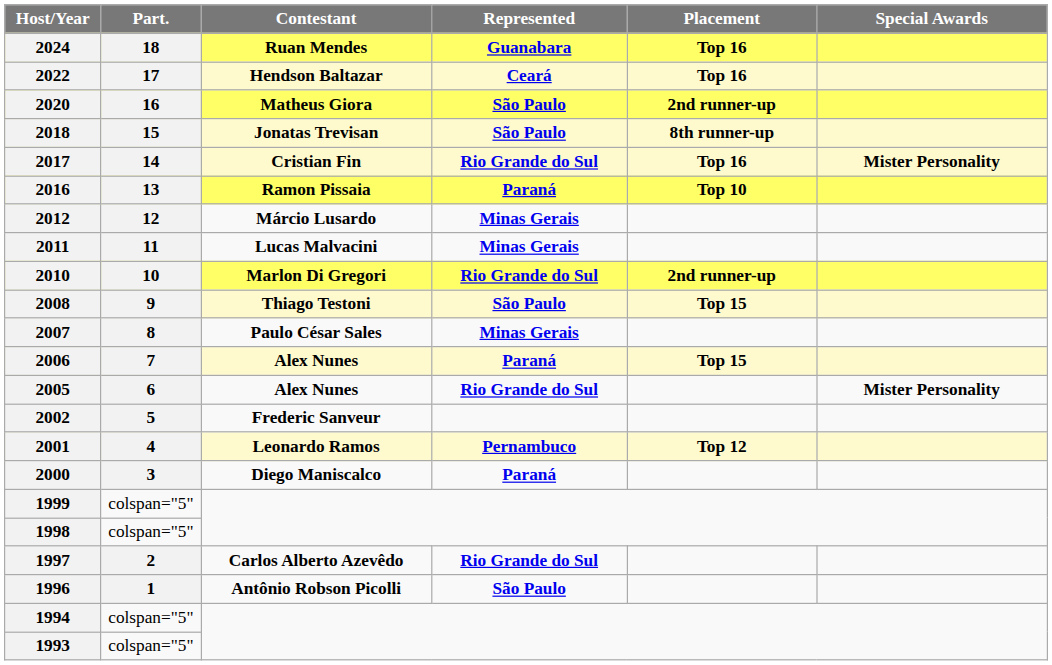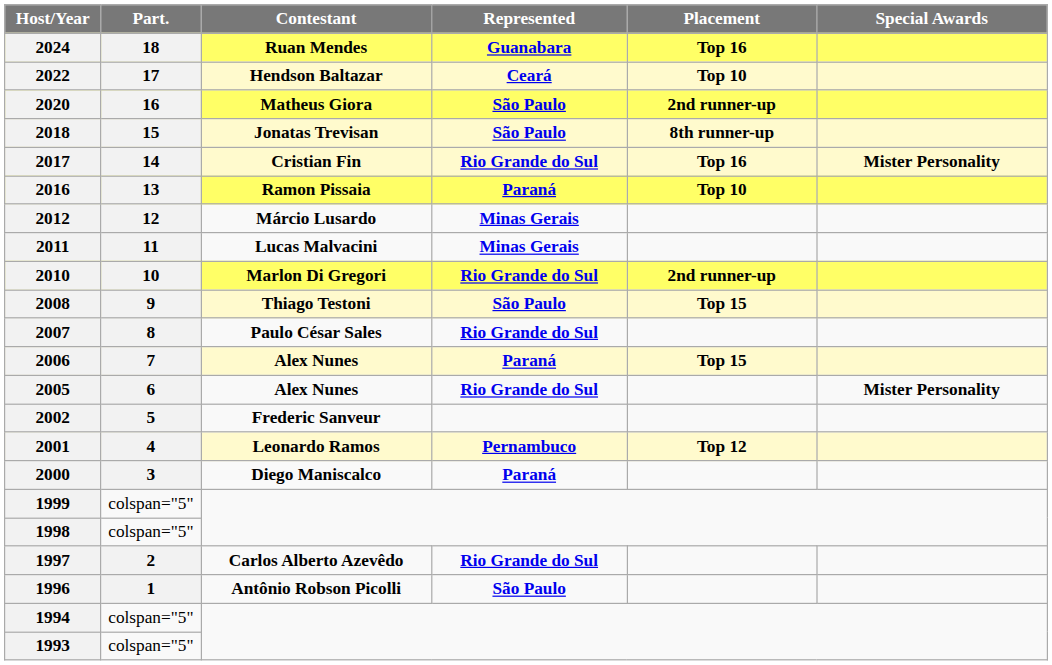 <table class="wikitable sortable" style="font-size: 90%; text-align:center">
 <tr>
 <th width="80" style="background-color:#787878;color:#FFFFFF;">Host/Year</th>
 <th width="80" style="background-color:#787878;color:#FFFFFF;">Part.</th>
 <th width="250" style="background-color:#787878;color:#FFFFFF;">Contestant</th>
 <th width="200" style="background-color:#787878;color:#FFFFFF;">Represented</th>
 <th width="200" style="background-color:#787878;color:#FFFFFF;">Placement</th>
 <th width="250" style="background-color:#787878;color:#FFFFFF;">Special Awards</th>
 </tr>
 <tr>
 </tr>
 <tr bgcolor="FFFF66">
 <th>2024</th>
 <th>18</th>
 <td><strong>Ruan Mendes</strong></td>
 <td><strong><a href='#'>Guanabara</a></strong></td>
 <td><strong>Top 16</strong></td>
 <td></td>
 </tr>
 <tr bgcolor=FFFACD>
 <th>2022</th>
 <th>17</th>
 <td><strong>Hendson Baltazar</strong></td>
 <td><strong><a href='#'>Ceará</a></strong></td>
-<td><strong>Top 16</strong></td>
+<td><strong>Top 10</strong></td>
 <td></td>
 </tr>
 <tr bgcolor="FFFF66">
 <th>2020</th>
 <th>16</th>
 <td><strong>Matheus Giora</strong></td>
 <td><strong><a href='#'>São Paulo</a></strong></td>
 <td><strong>2nd runner-up</strong></td>
 <td></td>
 </tr>
 <tr bgcolor="FFFACD">
 <th>2018</th>
 <th>15</th>
 <td><strong>Jonatas Trevisan</strong></td>
 <td><strong><a href='#'>São Paulo</a></strong></td>
 <td><strong>8th runner-up</strong></td>
 <td></td>
 </tr>
 <tr bgcolor="FFFACD">
 <th>2017</th>
 <th>14</th>
 <td><strong>Cristian Fin</strong></td>
 <td><strong><a href='#'>Rio Grande do Sul</a></strong></td>
 <td><strong>Top 16</strong></td>
 <td><strong>Mister Personality</strong></td>
 </tr>
 <tr bgcolor="FFFF66">
 <th>2016</th>
 <th>13</th>
 <td><strong>Ramon Pissaia</strong></td>
 <td><strong><a href='#'>Paraná</a></strong></td>
 <td><strong>Top 10</strong></td>
 <td></td>
 </tr>
 <tr>
 <th>2012</th>
 <th>12</th>
 <td><strong>Márcio Lusardo</strong></td>
 <td><strong><a href='#'>Minas Gerais</a></strong></td>
 <td></td>
 <td></td>
 </tr>
 <tr>
 <th>2011</th>
 <th>11</th>
 <td><strong>Lucas Malvacini</strong></td>
 <td><strong><a href='#'>Minas Gerais</a></strong></td>
 <td></td>
 <td></td>
 </tr>
 <tr bgcolor="FFFF66">
 <th>2010</th>
 <th>10</th>
 <td><strong>Marlon Di Gregori</strong></td>
 <td><strong><a href='#'>Rio Grande do Sul</a></strong></td>
 <td><strong>2nd runner-up</strong></td>
 <td></td>
 </tr>
 <tr bgcolor="FFFACD">
 <th>2008</th>
 <th>9</th>
 <td><strong>Thiago Testoni</strong></td>
 <td><strong><a href='#'>São Paulo</a></strong></td>
 <td><strong>Top 15</strong></td>
 <td></td>
 </tr>
 <tr>
 <th>2007</th>
 <th>8</th>
 <td><strong>Paulo César Sales</strong></td>
-<td><strong><a href='#'>Minas Gerais</a></strong></td>
+<td><strong><a href='#'>Rio Grande do Sul</a></strong></td>
 <td></td>
 <td></td>
 </tr>
 <tr bgcolor="FFFACD">
 <th>2006</th>
 <th>7</th>
 <td><strong>Alex Nunes</strong></td>
 <td><strong><a href='#'>Paraná</a></strong></td>
 <td><strong>Top 15</strong></td>
 <td></td>
 </tr>
 <tr>
 <th>2005</th>
 <th>6</th>
 <td><strong>Alex Nunes</strong></td>
 <td><strong><a href='#'>Rio Grande do Sul</a></strong></td>
 <td></td>
 <td><strong>Mister Personality</strong></td>
 </tr>
 <tr>
 <th>2002</th>
 <th>5</th>
 <td><strong>Frederic Sanveur</strong></td>
 <td></td>
 <td></td>
 <td></td>
 </tr>
 <tr bgcolor="FFFACD">
 <th>2001</th>
 <th>4</th>
 <td><strong>Leonardo Ramos</strong></td>
 <td><strong><a href='#'>Pernambuco</a></strong></td>
 <td><strong>Top 12</strong></td>
 <td></td>
 </tr>
 <tr>
 <th>2000</th>
 <th>3</th>
 <td><strong>Diego Maniscalco</strong></td>
 <td><strong><a href='#'>Paraná</a></strong></td>
 <td></td>
 <td></td>
 </tr>
 <tr>
 <th>1999</th>
 <td>colspan="5" </td>
 </tr>
 <tr>
 <th>1998</th>
 <td>colspan="5" </td>
 </tr>
 <tr>
 <th>1997</th>
 <th>2</th>
 <td><strong>Carlos Alberto Azevêdo</strong></td>
 <td><strong><a href='#'>Rio Grande do Sul</a></strong></td>
 <td></td>
 <td></td>
 </tr>
 <tr>
 <th>1996</th>
 <th>1</th>
 <td><strong>Antônio Robson Picolli</strong></td>
 <td><strong><a href='#'>São Paulo</a></strong></td>
 <td></td>
 <td></td>
 </tr>
 <tr>
 <th>1994</th>
 <td>colspan="5" </td>
 </tr>
 <tr>
 <th>1993</th>
 <td>colspan="5" </td>
 </tr>
 </table>
